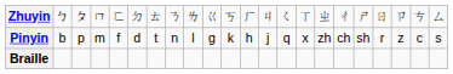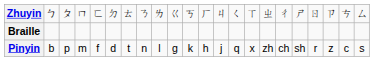 <table class=wikitable style="text-align:center">
 <tr>
 <th><a href='#'>Zhuyin</a></th>
 <td>ㄅ</td>
 <td>ㄆ</td>
 <td>ㄇ</td>
 <td>ㄈ</td>
 <td>ㄉ</td>
 <td>ㄊ</td>
 <td>ㄋ</td>
 <td>ㄌ</td>
 <td>ㄍ</td>
 <td>ㄎ</td>
 <td>ㄏ</td>
 <td>ㄐ</td>
 <td>ㄑ</td>
 <td>ㄒ</td>
 <td>ㄓ</td>
 <td>ㄔ</td>
 <td>ㄕ</td>
 <td>ㄖ</td>
 <td>ㄗ</td>
 <td>ㄘ</td>
 <td>ㄙ</td>
 </tr>
 <tr>
+<th>Braille</th>
+<td></td>
+<td></td>
+<td></td>
+<td></td>
+<td></td>
+<td></td>
+<td></td>
+<td></td>
+<td></td>
+<td></td>
+<td></td>
+<td></td>
+<td></td>
+<td></td>
+<td></td>
+<td></td>
+<td></td>
+<td></td>
+<td></td>
+<td></td>
+<td></td>
+</tr>
+<tr>
 <th><a href='#'>Pinyin</a></th>
 <td>b</td>
 <td>p</td>
 <td>m</td>
 <td>f</td>
 <td>d</td>
 <td>t</td>
 <td>n</td>
 <td>l</td>
 <td>g</td>
 <td>k</td>
 <td>h</td>
 <td>j</td>
 <td>q</td>
 <td>x</td>
 <td>zh</td>
 <td>ch</td>
 <td>sh</td>
 <td>r</td>
 <td>z</td>
 <td>c</td>
 <td>s</td>
 </tr>
-<tr>
-<th>Braille</th>
-<td></td>
-<td></td>
-<td></td>
-<td></td>
-<td></td>
-<td></td>
-<td></td>
-<td></td>
-<td></td>
-<td></td>
-<td></td>
-<td></td>
-<td></td>
-<td></td>
-<td></td>
-<td></td>
-<td></td>
-<td></td>
-<td></td>
-<td></td>
-<td></td>
-</tr>
 </table>
